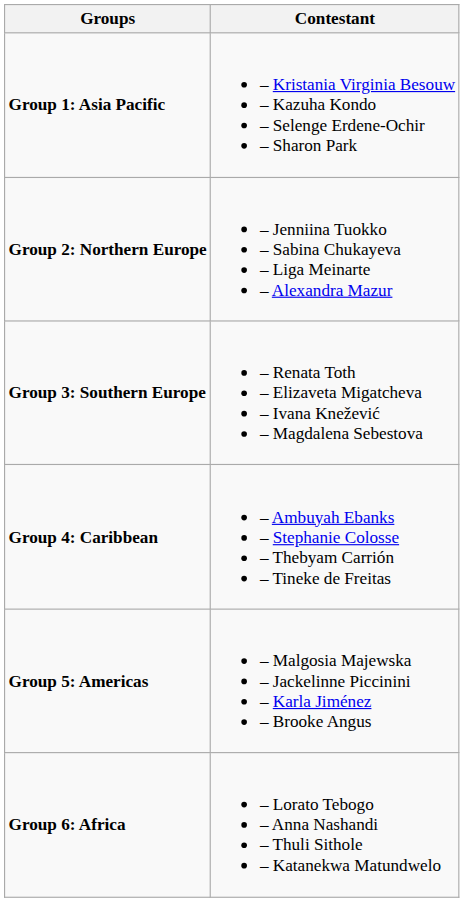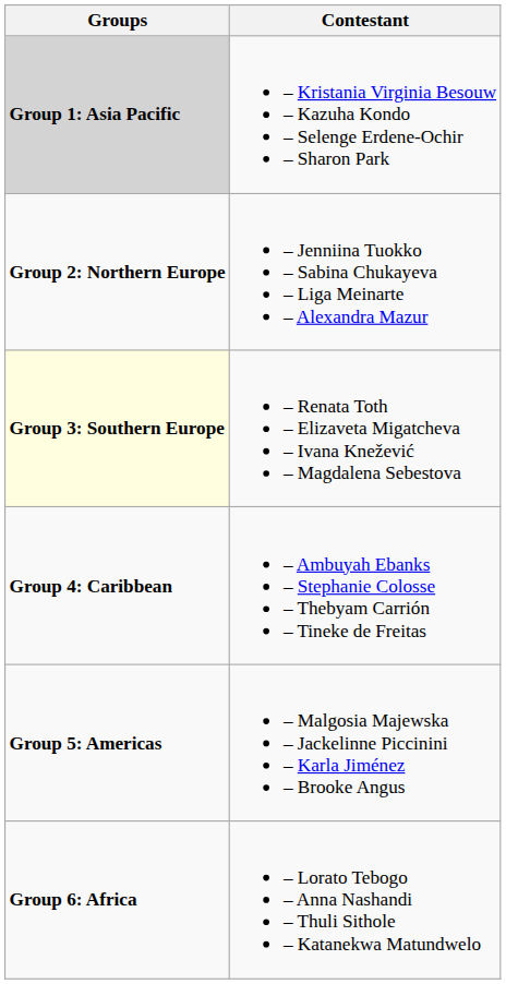 <table class="wikitable sortable" style="font-size:95%;">
 <tr>
 <th>Groups</th>
 <th>Contestant</th>
 </tr>
 <tr>
-<td><strong>Group 1: Asia Pacific</strong></td>
+<td style="background: lightgrey;"><strong>Group 1: Asia Pacific</strong></td>
 <td><br><ul><li><strong></strong> – <a href='#'>Kristania Virginia Besouw</a></li><li><strong></strong> – Kazuha Kondo</li><li><strong></strong> – Selenge Erdene-Ochir</li><li><strong></strong> – Sharon Park</li></ul></td>
 </tr>
 <tr>
 <td><strong>Group 2: Northern Europe</strong></td>
 <td><br><ul><li><strong></strong> – Jenniina Tuokko</li><li><strong></strong> – Sabina Chukayeva</li><li><strong></strong> – Liga Meinarte</li><li><strong></strong> – <a href='#'>Alexandra Mazur</a></li></ul></td>
 </tr>
 <tr>
-<td><strong>Group 3: Southern Europe</strong></td>
+<td style="background: lightyellow;"><strong>Group 3: Southern Europe</strong></td>
 <td><br><ul><li><strong></strong> – Renata Toth</li><li><strong></strong> – Elizaveta Migatcheva</li><li><strong></strong> – Ivana Knežević</li><li><strong></strong> – Magdalena Sebestova</li></ul></td>
 </tr>
 <tr>
 <td><strong>Group 4: Caribbean</strong></td>
 <td><br><ul><li><strong></strong> – <a href='#'>Ambuyah Ebanks</a></li><li><strong></strong> – <a href='#'>Stephanie Colosse</a></li><li><strong></strong> – Thebyam Carrión</li><li><strong></strong> – Tineke de Freitas</li></ul></td>
 </tr>
 <tr>
 <td><strong>Group 5: Americas</strong></td>
 <td><br><ul><li><strong></strong> – Malgosia Majewska</li><li><strong></strong> – Jackelinne Piccinini</li><li><strong></strong> – <a href='#'>Karla Jiménez</a></li><li><strong></strong> – Brooke Angus</li></ul></td>
 </tr>
 <tr>
 <td><strong>Group 6: Africa</strong></td>
 <td><br><ul><li><strong></strong> – Lorato Tebogo</li><li><strong></strong> – Anna Nashandi</li><li><strong></strong> – Thuli Sithole</li><li><strong></strong> – Katanekwa Matundwelo</li></ul></td>
 </tr>
 </table>
